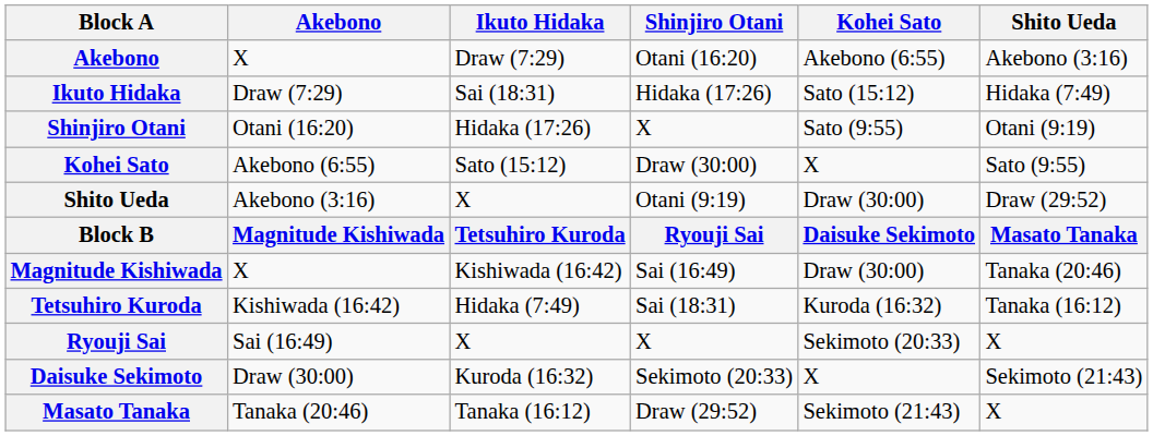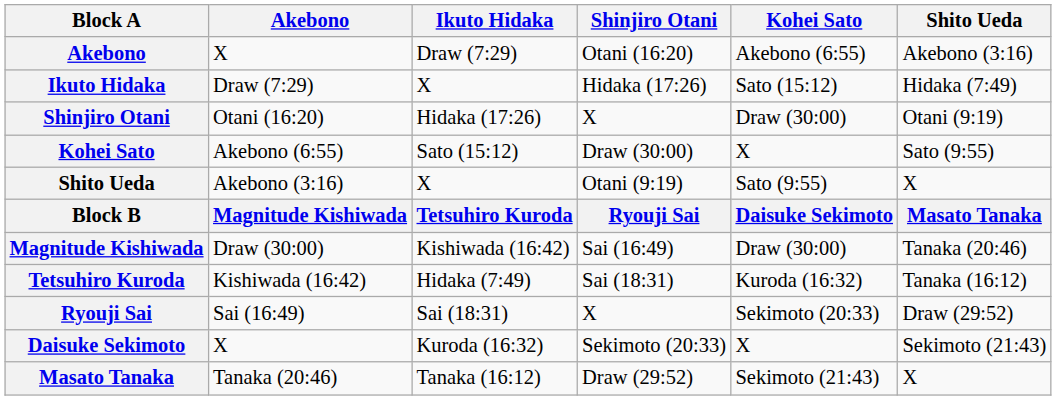 <table class="wikitable" style="margin: 1em auto 1em auto">
 <tr>
 <th>Block A</th>
 <th><a href='#'>Akebono</a></th>
 <th><a href='#'>Ikuto Hidaka</a></th>
 <th><a href='#'>Shinjiro Otani</a></th>
 <th><a href='#'>Kohei Sato</a></th>
 <th>Shito Ueda</th>
 </tr>
 <tr>
 <th><a href='#'>Akebono</a></th>
 <td>X</td>
 <td>Draw (7:29)</td>
 <td>Otani (16:20)</td>
 <td>Akebono (6:55)</td>
 <td>Akebono (3:16)</td>
 </tr>
 <tr>
 <th><a href='#'>Ikuto Hidaka</a></th>
 <td>Draw (7:29)</td>
-<td>Sai (18:31)</td>
+<td>X</td>
 <td>Hidaka (17:26)</td>
 <td>Sato (15:12)</td>
 <td>Hidaka (7:49)</td>
 </tr>
 <tr>
 <th><a href='#'>Shinjiro Otani</a></th>
 <td>Otani (16:20)</td>
 <td>Hidaka (17:26)</td>
 <td>X</td>
-<td>Sato (9:55)</td>
+<td>Draw (30:00)</td>
 <td>Otani (9:19)</td>
 </tr>
 <tr>
 <th><a href='#'>Kohei Sato</a></th>
 <td>Akebono (6:55)</td>
 <td>Sato (15:12)</td>
 <td>Draw (30:00)</td>
 <td>X</td>
 <td>Sato (9:55)</td>
 </tr>
 <tr>
 <th>Shito Ueda</th>
 <td>Akebono (3:16)</td>
 <td>X</td>
 <td>Otani (9:19)</td>
-<td>Draw (30:00)</td>
-<td>Draw (29:52)</td>
+<td>Sato (9:55)</td>
+<td>X</td>
 </tr>
 <tr>
 <th>Block B</th>
 <th><a href='#'>Magnitude Kishiwada</a></th>
 <th><a href='#'>Tetsuhiro Kuroda</a></th>
 <th><a href='#'>Ryouji Sai</a></th>
 <th><a href='#'>Daisuke Sekimoto</a></th>
 <th><a href='#'>Masato Tanaka</a></th>
 </tr>
 <tr>
 <th><a href='#'>Magnitude Kishiwada</a></th>
-<td>X</td>
+<td>Draw (30:00)</td>
 <td>Kishiwada (16:42)</td>
 <td>Sai (16:49)</td>
 <td>Draw (30:00)</td>
 <td>Tanaka (20:46)</td>
 </tr>
 <tr>
 <th><a href='#'>Tetsuhiro Kuroda</a></th>
 <td>Kishiwada (16:42)</td>
 <td>Hidaka (7:49)</td>
 <td>Sai (18:31)</td>
 <td>Kuroda (16:32)</td>
 <td>Tanaka (16:12)</td>
 </tr>
 <tr>
 <th><a href='#'>Ryouji Sai</a></th>
 <td>Sai (16:49)</td>
-<td>X</td>
+<td>Sai (18:31)</td>
 <td>X</td>
 <td>Sekimoto (20:33)</td>
-<td>X</td>
+<td>Draw (29:52)</td>
 </tr>
 <tr>
 <th><a href='#'>Daisuke Sekimoto</a></th>
-<td>Draw (30:00)</td>
+<td>X</td>
 <td>Kuroda (16:32)</td>
 <td>Sekimoto (20:33)</td>
 <td>X</td>
 <td>Sekimoto (21:43)</td>
 </tr>
 <tr>
 <th><a href='#'>Masato Tanaka</a></th>
 <td>Tanaka (20:46)</td>
 <td>Tanaka (16:12)</td>
 <td>Draw (29:52)</td>
 <td>Sekimoto (21:43)</td>
 <td>X</td>
 </tr>
 </table>
